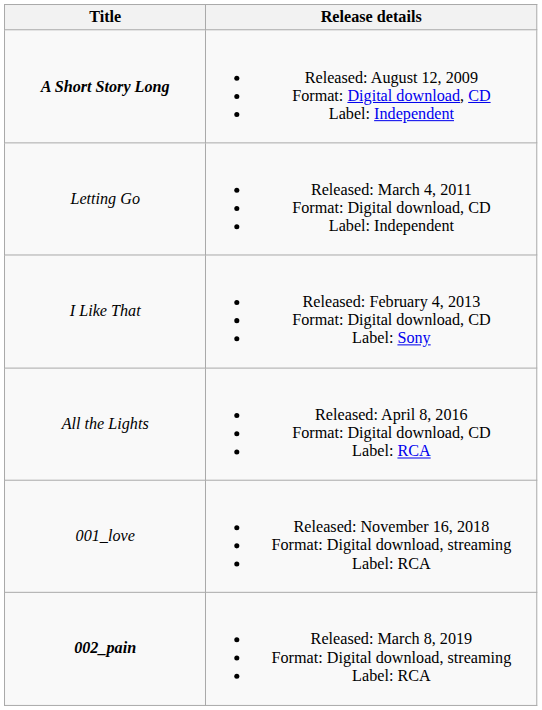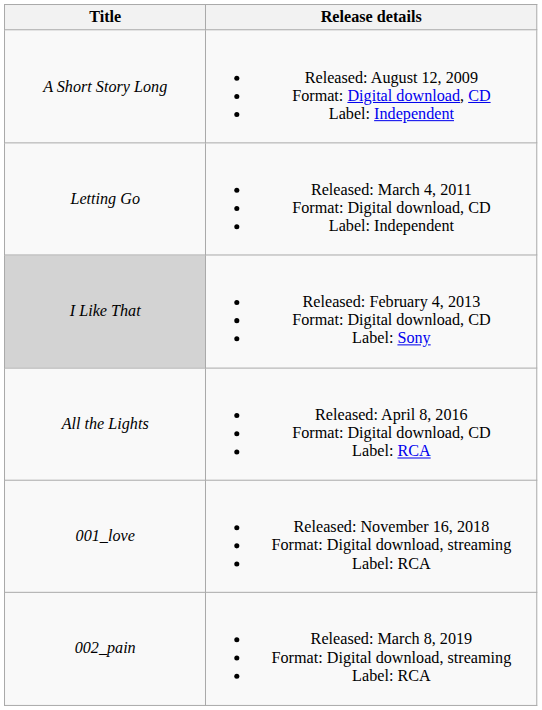 <table class="wikitable plainrowheaders" style="text-align:center;" border="1">
 <tr>
 <th scope="col" rowspan="1" style="width:12em;">Title</th>
 <th scope="col" rowspan="1" style="width:20em;">Release details</th>
 </tr>
 <tr>
-<td style="text-align:center;"><strong><em>A Short Story Long</em></strong></td>
+<td style="text-align:center;"><em>A Short Story Long</em></td>
 <td><br><ul><li>Released: August 12, 2009</li><li>Format: <a href='#'>Digital download</a>, <a href='#'>CD</a></li><li>Label: <a href='#'>Independent</a></li></ul></td>
 </tr>
 <tr>
 <td style="text-align:center;"><em>Letting Go</em></td>
 <td><br><ul><li>Released: March 4, 2011</li><li>Format: Digital download, CD</li><li>Label: Independent</li></ul></td>
 </tr>
 <tr>
-<td style="text-align:center;"><em>I Like That</em></td>
+<td style="background: lightgrey; text-align:center;"><em>I Like That</em></td>
 <td><br><ul><li>Released: February 4, 2013</li><li>Format: Digital download, CD</li><li>Label: <a href='#'>Sony</a></li></ul></td>
 </tr>
 <tr>
 <td style="text-align:center;"><em>All the Lights</em></td>
 <td><br><ul><li>Released: April 8, 2016</li><li>Format: Digital download, CD</li><li>Label: <a href='#'>RCA</a></li></ul></td>
 </tr>
 <tr>
 <td style="text-align:center;"><em>001_love</em></td>
 <td><br><ul><li>Released: November 16, 2018</li><li>Format: Digital download, streaming</li><li>Label: RCA</li></ul></td>
 </tr>
 <tr>
-<td style="text-align:center;"><strong><em>002_pain</em></strong></td>
+<td style="text-align:center;"><em>002_pain</em></td>
 <td><br><ul><li>Released: March 8, 2019</li><li>Format: Digital download, streaming</li><li>Label: RCA</li></ul></td>
 </tr>
 </table>
